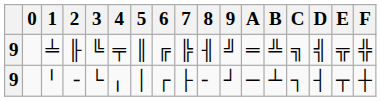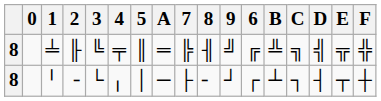 <table class="wikitable">
 <tr>
 <th></th>
 <th>0</th>
 <th>1</th>
 <th>2</th>
 <th>3</th>
 <th>4</th>
 <th>5</th>
-<th>6</th>
+<th>A</th>
 <th>7</th>
 <th>8</th>
 <th>9</th>
-<th>A</th>
+<th>6</th>
 <th>B</th>
 <th>C</th>
 <th>D</th>
 <th>E</th>
 <th>F</th>
 </tr>
 <tr>
-<th>9</th>
+<th>8</th>
 <td></td>
 <td>╧</td>
 <td>╟</td>
 <td>╚</td>
 <td>╤</td>
 <td>║</td>
-<td>╔</td>
+<td>═</td>
 <td>╠</td>
 <td>╢</td>
 <td>╝</td>
-<td>═</td>
+<td>╔</td>
 <td>╩</td>
 <td>╗</td>
 <td>╣</td>
 <td>╦</td>
 <td>╬</td>
 </tr>
 <tr>
-<th>9</th>
+<th>8</th>
 <td></td>
 <td>╵</td>
 <td>╶</td>
 <td>└</td>
 <td>╷</td>
 <td>│</td>
-<td>┌</td>
+<td>─</td>
 <td>├</td>
 <td>╴</td>
 <td>┘</td>
-<td>─</td>
+<td>┌</td>
 <td>┴</td>
 <td>┐</td>
 <td>┤</td>
 <td>┬</td>
 <td>┼</td>
 </tr>
 </table>
